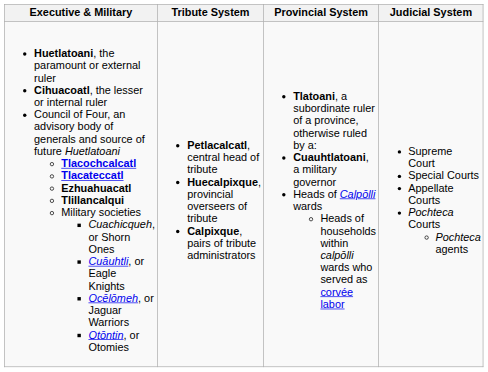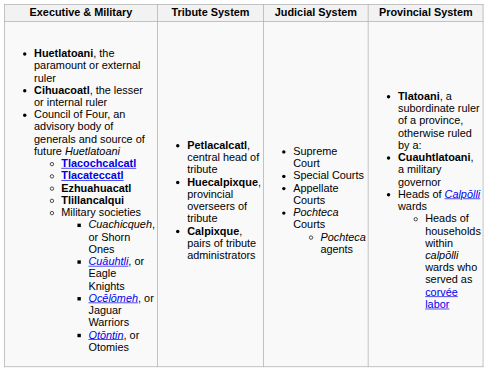 <table class="wikitable">
 <tr>
 <th>Executive & Military</th>
 <th>Tribute System</th>
+<th>Judicial System</th>
 <th>Provincial System</th>
-<th>Judicial System</th>
 </tr>
 <tr>
 <td><br><ul><li><strong>Huetlatoani</strong>, the paramount or external ruler</li><li><strong>Cihuacoatl</strong>, the lesser or internal ruler</li><li>Council of Four, an advisory body of generals and source of future <em>Huetlatoani</em><ul><li><strong><a href='#'>Tlacochcalcatl</a></strong></li><li><strong><a href='#'>Tlacateccatl</a></strong></li><li><strong>Ezhuahuacatl</strong></li><li><strong>Tlillancalqui</strong></li><li>Military societies<ul><li><em>Cuachicqueh</em>, or Shorn Ones</li><li><em><a href='#'>Cuāuhtli</a></em>, or Eagle Knights</li><li><em><a href='#'>Ocēlōmeh</a></em>, or Jaguar Warriors</li><li><em><a href='#'>Otōntin</a></em>, or Otomies</li></ul></li></ul></li></ul></td>
 <td><br><ul><li><strong>Petlacalcatl</strong>, central head of tribute</li><li><strong>Huecalpixque</strong>, provincial overseers of tribute</li><li><strong>Calpixque</strong>, pairs of tribute administrators</li></ul></td>
+<td><br><ul><li>Supreme Court</li><li>Special Courts</li><li>Appellate Courts</li><li><em>Pochteca</em> Courts<ul><li><em>Pochteca</em> agents</li></ul></li></ul></td>
 <td><br><ul><li><strong>Tlatoani</strong>, a subordinate ruler of a province, otherwise ruled by a:</li><li><strong>Cuauhtlatoani</strong>, a military governor</li><li>Heads of <em><a href='#'>Calpōlli</a></em> wards<ul><li>Heads of households within <em>calpōlli</em> wards who served as <a href='#'>corvée labor</a></li></ul></li></ul></td>
-<td><br><ul><li>Supreme Court</li><li>Special Courts</li><li>Appellate Courts</li><li><em>Pochteca</em> Courts<ul><li><em>Pochteca</em> agents</li></ul></li></ul></td>
 </tr>
 </table>
